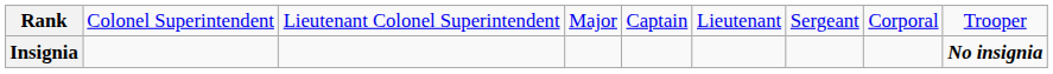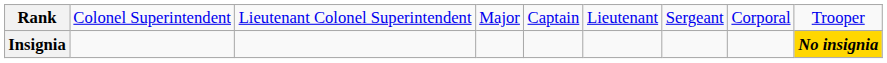 <table class="wikitable">
 <tr style="text-align:center;">
 <th>Rank</th>
 <td><a href='#'>Colonel Superintendent</a></td>
 <td><a href='#'>Lieutenant Colonel Superintendent </a></td>
 <td><a href='#'>Major</a></td>
 <td><a href='#'>Captain</a></td>
 <td><a href='#'>Lieutenant</a></td>
 <td><a href='#'>Sergeant</a></td>
 <td><a href='#'>Corporal</a></td>
 <td><a href='#'>Trooper</a></td>
 </tr>
 <tr style="text-align:center;">
 <th>Insignia</th>
 <td></td>
 <td></td>
 <td></td>
 <td></td>
 <td></td>
 <td></td>
 <td></td>
-<td><strong><em>No insignia</em></strong></td>
+<td style="background: gold;"><strong><em>No insignia</em></strong></td>
 </tr>
 </table>
